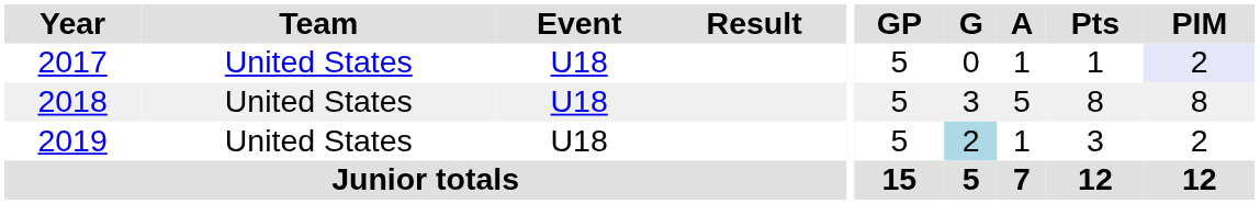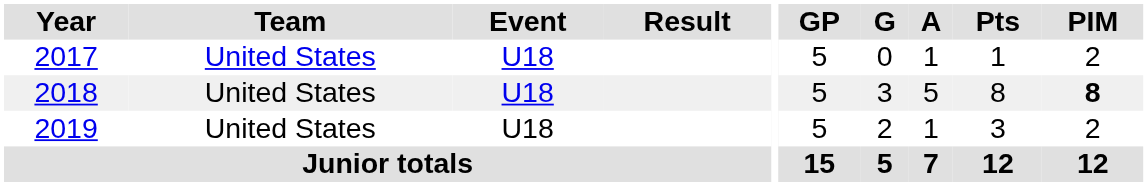 <table border="0" cellpadding="1" cellspacing="0" ID="Table3" style="text-align:center; width:40em">
 <tr ALIGN="center" bgcolor="#e0e0e0">
 <th>Year</th>
 <th>Team</th>
 <th>Event</th>
 <th>Result</th>
 <th rowspan="99" bgcolor="#ffffff"></th>
 <th>GP</th>
 <th>G</th>
 <th>A</th>
 <th>Pts</th>
 <th>PIM</th>
 </tr>
 <tr>
 <td><a href='#'>2017</a></td>
 <td><a href='#'>United States</a></td>
 <td><a href='#'>U18</a></td>
 <td></td>
 <td>5</td>
 <td>0</td>
 <td>1</td>
 <td>1</td>
-<td style="background: lavender;">2</td>
+<td>2</td>
 </tr>
 <tr bgcolor="#f0f0f0">
 <td><a href='#'>2018</a></td>
 <td>United States</td>
 <td><a href='#'>U18</a></td>
 <td></td>
 <td>5</td>
 <td>3</td>
 <td>5</td>
 <td>8</td>
-<td>8</td>
+<td><strong>8</strong></td>
 </tr>
 <tr>
 <td><a href='#'>2019</a></td>
 <td>United States</td>
 <td>U18</td>
 <td></td>
 <td>5</td>
-<td style="background: lightblue;">2</td>
+<td>2</td>
 <td>1</td>
 <td>3</td>
 <td>2</td>
 </tr>
 <tr bgcolor="#e0e0e0">
 <th colspan="4">Junior totals</th>
 <th>15</th>
 <th>5</th>
 <th>7</th>
 <th>12</th>
 <th>12</th>
 </tr>
 </table>
